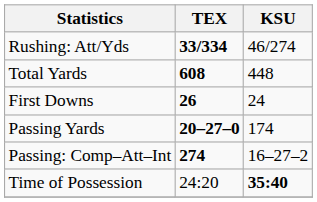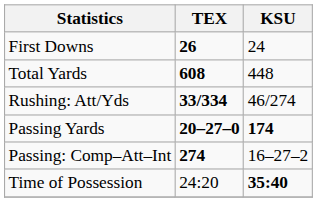 <table class="wikitable" style="float: left;">
 <tr>
 <th>Statistics</th>
 <th>TEX</th>
 <th>KSU</th>
 </tr>
 <tr>
-<td>Rushing: Att/Yds</td>
-<td><strong>33/334</strong></td>
-<td>46/274</td>
+<td>First Downs</td>
+<td><strong>26</strong></td>
+<td>24</td>
 </tr>
 <tr>
 <td>Total Yards</td>
 <td><strong>608</strong></td>
 <td>448</td>
 </tr>
 <tr>
-<td>First Downs</td>
-<td><strong>26</strong></td>
-<td>24</td>
+<td>Rushing: Att/Yds</td>
+<td><strong>33/334</strong></td>
+<td>46/274</td>
 </tr>
 <tr>
 <td>Passing Yards</td>
 <td><strong>20–27–0</strong></td>
-<td>174</td>
+<td><strong>174</strong></td>
 </tr>
 <tr>
 <td>Passing: Comp–Att–Int</td>
 <td><strong>274</strong></td>
 <td>16–27–2</td>
 </tr>
 <tr>
 <td>Time of Possession</td>
 <td>24:20</td>
 <td><strong>35:40</strong></td>
 </tr>
 <tr>
 </tr>
 </table>
